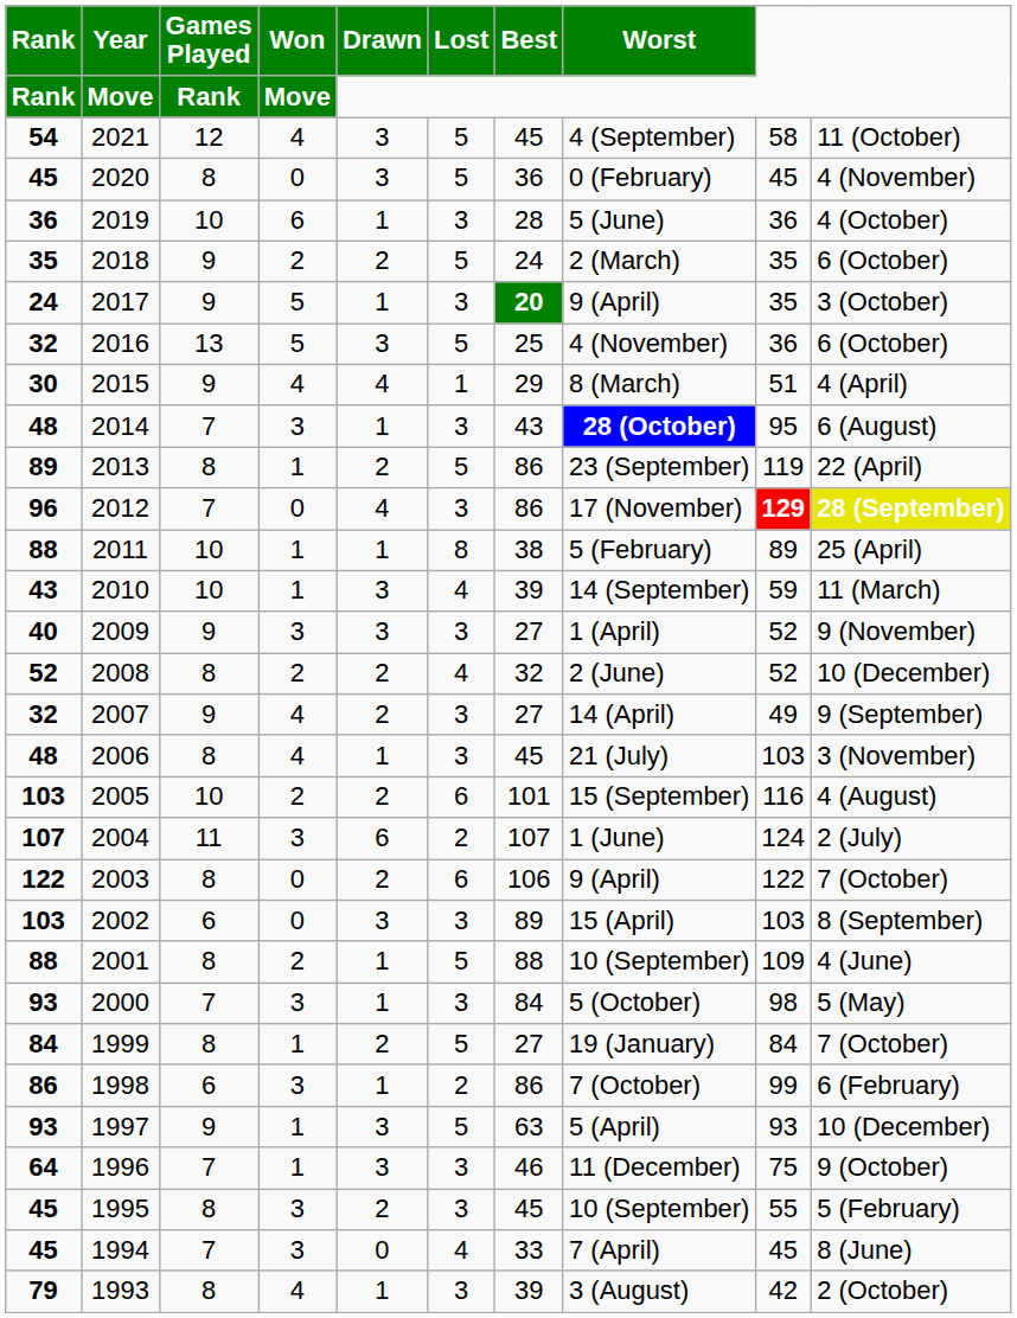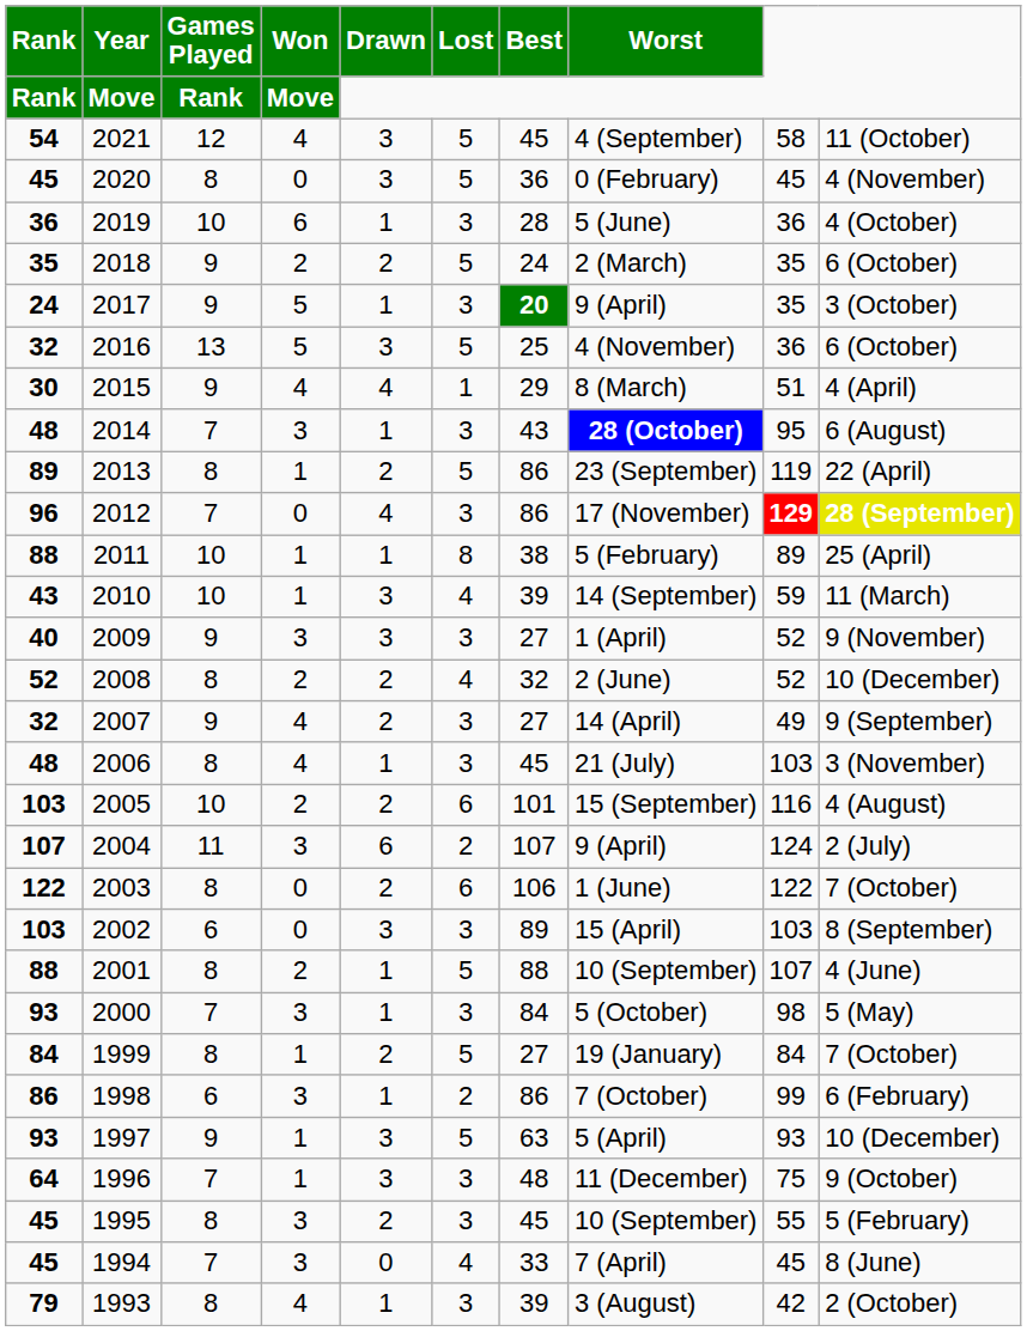 <table class="wikitable sortable" style="text-align:center;">
 <tr>
 <th style="background-color:#008000; color:white; ">Rank</th>
 <th style="background-color:#008000; color:white; ">Year</th>
 <th style="background-color:#008000; color:white; ">Games<br>Played</th>
 <th style="background-color:#008000; color:white; ">Won</th>
 <th style="background-color:#008000; color:white; ">Drawn</th>
 <th style="background-color:#008000; color:white; ">Lost</th>
 <th style="background-color:#008000; color:white; ">Best</th>
 <th style="background-color:#008000; color:white; ">Worst</th>
 </tr>
 <tr>
 <th style="background-color:#008000; color:white; ">Rank</th>
 <th style="background-color:#008000; color:white; ">Move</th>
 <th style="background-color:#008000; color:white; ">Rank</th>
 <th style="background-color:#008000; color:white; ">Move</th>
 </tr>
 <tr>
 <td><strong>54</strong></td>
 <td>2021</td>
 <td>12</td>
 <td>4</td>
 <td>3</td>
 <td>5</td>
 <td>45</td>
 <td align=left> 4 (September)</td>
 <td>58</td>
 <td align=left> 11 (October)</td>
 </tr>
 <tr>
 <td><strong>45</strong></td>
 <td>2020</td>
 <td>8</td>
 <td>0</td>
 <td>3</td>
 <td>5</td>
 <td>36</td>
 <td align=left> 0 (February)</td>
 <td>45</td>
 <td align=left> 4 (November)</td>
 </tr>
 <tr>
 <td><strong>36</strong></td>
 <td>2019</td>
 <td>10</td>
 <td>6</td>
 <td>1</td>
 <td>3</td>
 <td>28</td>
 <td align=left> 5 (June)</td>
 <td>36</td>
 <td align=left> 4 (October)</td>
 </tr>
 <tr>
 <td><strong>35</strong></td>
 <td>2018</td>
 <td>9</td>
 <td>2</td>
 <td>2</td>
 <td>5</td>
 <td>24</td>
 <td align=left> 2 (March)</td>
 <td>35</td>
 <td align=left> 6 (October)</td>
 </tr>
 <tr>
 <td><strong>24</strong></td>
 <td>2017</td>
 <td>9</td>
 <td>5</td>
 <td>1</td>
 <td>3</td>
 <td style="background:green;color:white;"><strong>20</strong></td>
 <td align=left> 9 (April)</td>
 <td>35</td>
 <td align=left> 3 (October)</td>
 </tr>
 <tr>
 <td><strong>32</strong></td>
 <td>2016</td>
 <td>13</td>
 <td>5</td>
 <td>3</td>
 <td>5</td>
 <td>25</td>
 <td align=left> 4 (November)</td>
 <td>36</td>
 <td align=left> 6 (October)</td>
 </tr>
 <tr>
 <td><strong>30</strong></td>
 <td>2015</td>
 <td>9</td>
 <td>4</td>
 <td>4</td>
 <td>1</td>
 <td>29</td>
 <td align=left> 8 (March)</td>
 <td>51</td>
 <td align=left> 4 (April)</td>
 </tr>
 <tr>
 <td><strong>48</strong></td>
 <td>2014</td>
 <td>7</td>
 <td>3</td>
 <td>1</td>
 <td>3</td>
 <td>43</td>
 <td style="background:blue;color:white;align=left;"> <strong>28 (October)</strong></td>
 <td>95</td>
 <td align=left> 6 (August)</td>
 </tr>
 <tr>
 <td><strong>89</strong></td>
 <td>2013</td>
 <td>8</td>
 <td>1</td>
 <td>2</td>
 <td>5</td>
 <td>86</td>
 <td align=left> 23 (September)</td>
 <td>119</td>
 <td align=left> 22 (April)</td>
 </tr>
 <tr>
 <td><strong>96</strong></td>
 <td>2012</td>
 <td>7</td>
 <td>0</td>
 <td>4</td>
 <td>3</td>
 <td>86</td>
 <td align=left> 17 (November)</td>
 <td style="background:red;color:white;"><strong>129</strong></td>
 <td style="background:#e6e600;color:white;align=left;"> <strong>28 (September)</strong></td>
 </tr>
 <tr>
 <td><strong>88</strong></td>
 <td>2011</td>
 <td>10</td>
 <td>1</td>
 <td>1</td>
 <td>8</td>
 <td>38</td>
 <td align=left> 5 (February)</td>
 <td>89</td>
 <td align=left> 25 (April)</td>
 </tr>
 <tr>
 <td><strong>43</strong></td>
 <td>2010</td>
 <td>10</td>
 <td>1</td>
 <td>3</td>
 <td>4</td>
 <td>39</td>
 <td align=left> 14 (September)</td>
 <td>59</td>
 <td align=left> 11 (March)</td>
 </tr>
 <tr>
 <td><strong>40</strong></td>
 <td>2009</td>
 <td>9</td>
 <td>3</td>
 <td>3</td>
 <td>3</td>
 <td>27</td>
 <td align=left> 1 (April)</td>
 <td>52</td>
 <td align=left> 9 (November)</td>
 </tr>
 <tr>
 <td><strong>52</strong></td>
 <td>2008</td>
 <td>8</td>
 <td>2</td>
 <td>2</td>
 <td>4</td>
 <td>32</td>
 <td align=left> 2 (June)</td>
 <td>52</td>
 <td align=left> 10 (December)</td>
 </tr>
 <tr>
 <td><strong>32</strong></td>
 <td>2007</td>
 <td>9</td>
 <td>4</td>
 <td>2</td>
 <td>3</td>
 <td>27</td>
 <td align=left> 14 (April)</td>
 <td>49</td>
 <td align=left> 9 (September)</td>
 </tr>
 <tr>
 <td><strong>48</strong></td>
 <td>2006</td>
 <td>8</td>
 <td>4</td>
 <td>1</td>
 <td>3</td>
 <td>45</td>
 <td align=left> 21 (July)</td>
 <td>103</td>
 <td align=left> 3 (November)</td>
 </tr>
 <tr>
 <td><strong>103</strong></td>
 <td>2005</td>
 <td>10</td>
 <td>2</td>
 <td>2</td>
 <td>6</td>
 <td>101</td>
 <td align=left> 15 (September)</td>
 <td>116</td>
 <td align=left> 4 (August)</td>
 </tr>
 <tr>
 <td><strong>107</strong></td>
 <td>2004</td>
 <td>11</td>
 <td>3</td>
 <td>6</td>
 <td>2</td>
 <td>107</td>
-<td align=left> 1 (June)</td>
+<td align=left> 9 (April)</td>
 <td>124</td>
 <td align=left> 2 (July)</td>
 </tr>
 <tr>
 <td><strong>122</strong></td>
 <td>2003</td>
 <td>8</td>
 <td>0</td>
 <td>2</td>
 <td>6</td>
 <td>106</td>
-<td align=left> 9 (April)</td>
+<td align=left> 1 (June)</td>
 <td>122</td>
 <td align=left> 7 (October)</td>
 </tr>
 <tr>
 <td><strong>103</strong></td>
 <td>2002</td>
 <td>6</td>
 <td>0</td>
 <td>3</td>
 <td>3</td>
 <td>89</td>
 <td align=left> 15 (April)</td>
 <td>103</td>
 <td align=left> 8 (September)</td>
 </tr>
 <tr>
 <td><strong>88</strong></td>
 <td>2001</td>
 <td>8</td>
 <td>2</td>
 <td>1</td>
 <td>5</td>
 <td>88</td>
 <td align=left> 10 (September)</td>
-<td>109</td>
+<td>107</td>
 <td align=left> 4 (June)</td>
 </tr>
 <tr>
 <td><strong>93</strong></td>
 <td>2000</td>
 <td>7</td>
 <td>3</td>
 <td>1</td>
 <td>3</td>
 <td>84</td>
 <td align=left> 5 (October)</td>
 <td>98</td>
 <td align=left> 5 (May)</td>
 </tr>
 <tr>
 <td><strong>84</strong></td>
 <td>1999</td>
 <td>8</td>
 <td>1</td>
 <td>2</td>
 <td>5</td>
 <td>27</td>
 <td align=left> 19 (January)</td>
 <td>84</td>
 <td align=left> 7 (October)</td>
 </tr>
 <tr>
 <td><strong>86</strong></td>
 <td>1998</td>
 <td>6</td>
 <td>3</td>
 <td>1</td>
 <td>2</td>
 <td>86</td>
 <td align=left> 7 (October)</td>
 <td>99</td>
 <td align=left> 6 (February)</td>
 </tr>
 <tr>
 <td><strong>93</strong></td>
 <td>1997</td>
 <td>9</td>
 <td>1</td>
 <td>3</td>
 <td>5</td>
 <td>63</td>
 <td align=left> 5 (April)</td>
 <td>93</td>
 <td align=left> 10 (December)</td>
 </tr>
 <tr>
 <td><strong>64</strong></td>
 <td>1996</td>
 <td>7</td>
 <td>1</td>
 <td>3</td>
 <td>3</td>
-<td>46</td>
+<td>48</td>
 <td align=left> 11 (December)</td>
 <td>75</td>
 <td align=left> 9 (October)</td>
 </tr>
 <tr>
 <td><strong>45</strong></td>
 <td>1995</td>
 <td>8</td>
 <td>3</td>
 <td>2</td>
 <td>3</td>
 <td>45</td>
 <td align=left> 10 (September)</td>
 <td>55</td>
 <td align=left> 5 (February)</td>
 </tr>
 <tr>
 <td><strong>45</strong></td>
 <td>1994</td>
 <td>7</td>
 <td>3</td>
 <td>0</td>
 <td>4</td>
 <td>33</td>
 <td align=left> 7 (April)</td>
 <td>45</td>
 <td align=left> 8 (June)</td>
 </tr>
 <tr>
 <td><strong>79</strong></td>
 <td>1993</td>
 <td>8</td>
 <td>4</td>
 <td>1</td>
 <td>3</td>
 <td>39</td>
 <td align=left> 3 (August)</td>
 <td>42</td>
 <td align=left> 2 (October)</td>
 </tr>
 </table>
